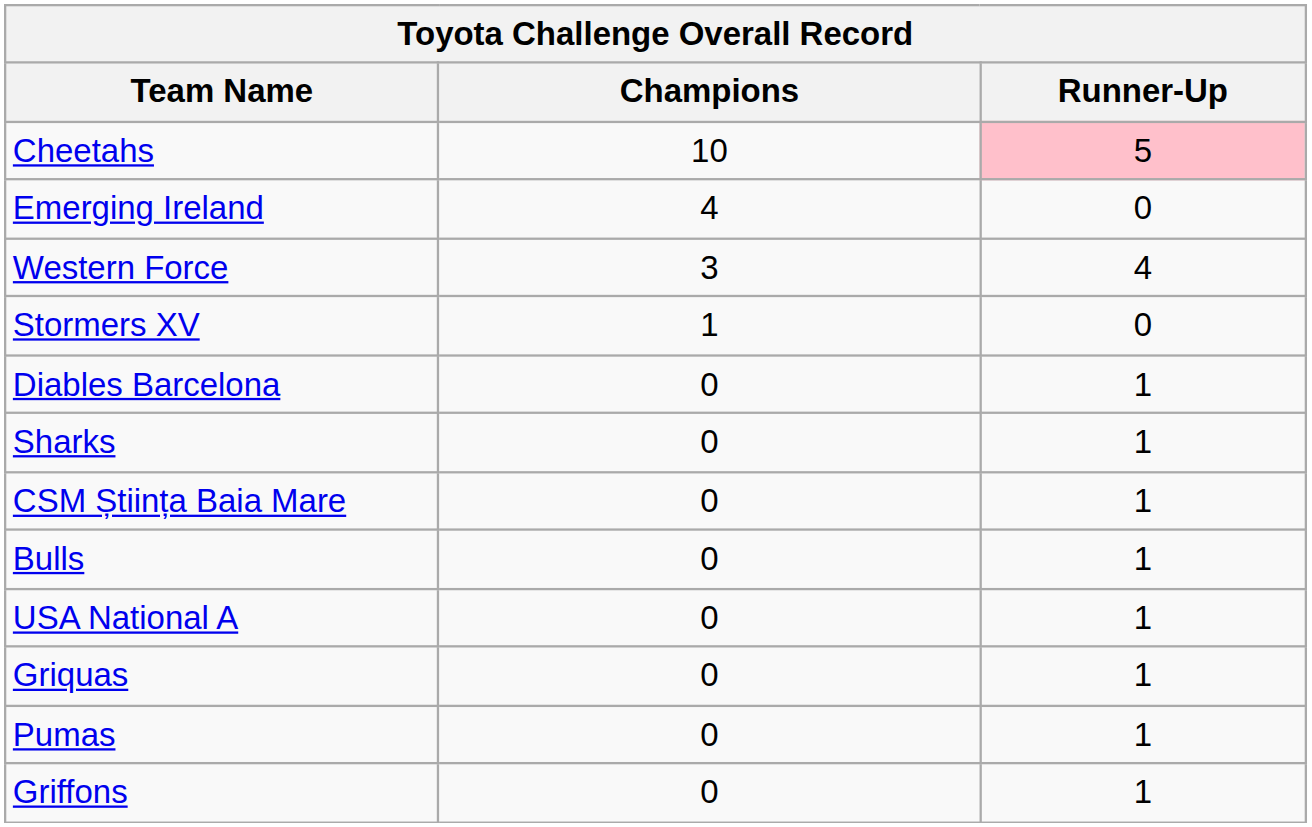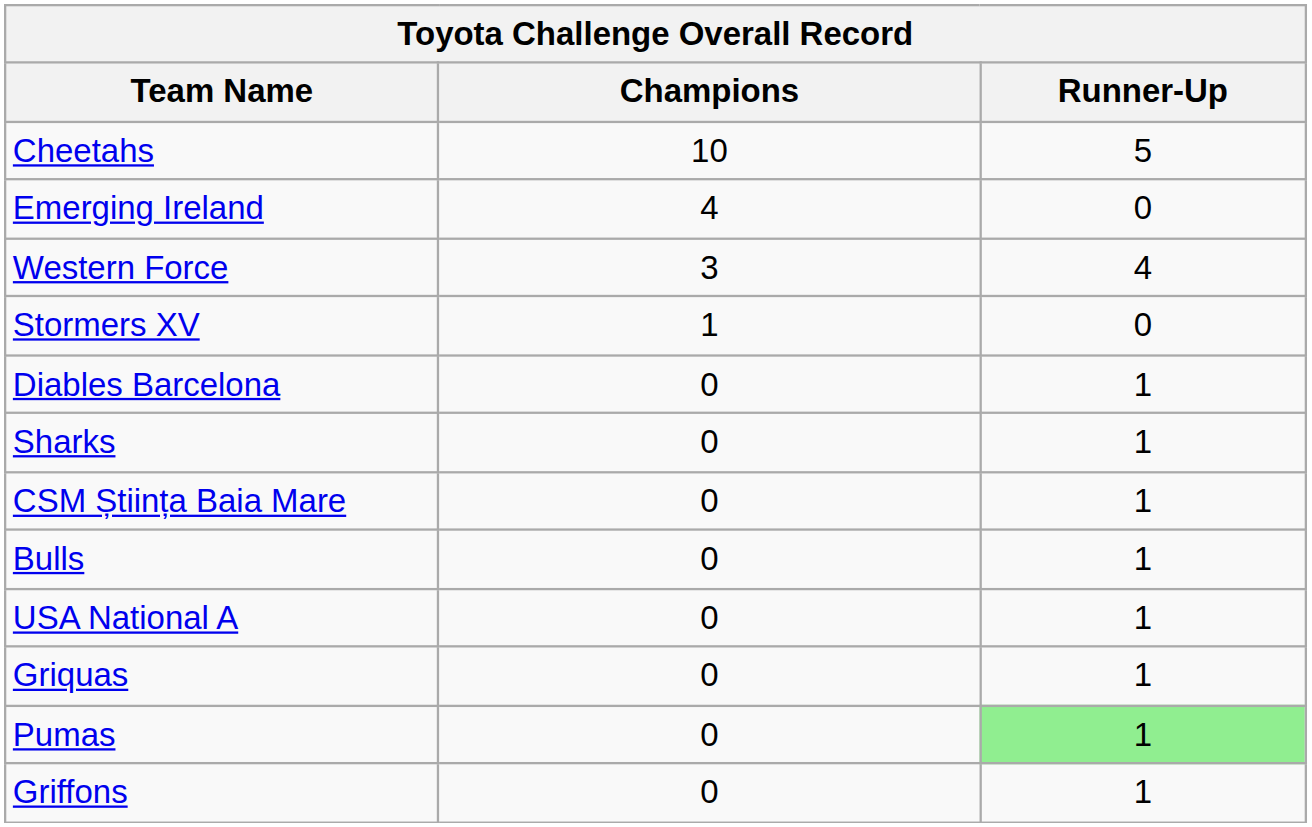 <table class="wikitable collapsible sortable" style="text-align:center; line-height:130%; font-size:90%; width:45%;">
 <tr>
 <th colspan=6>Toyota Challenge Overall Record</th>
 </tr>
 <tr>
 <th style="width:20%;">Team Name</th>
 <th style="width:25%;">Champions</th>
 <th style="width:15%;">Runner-Up</th>
 </tr>
 <tr>
 <td align=left><a href='#'>Cheetahs</a></td>
 <td>10</td>
-<td style="background: pink;">5</td>
+<td>5</td>
 </tr>
 <tr>
 <td align=left><a href='#'>Emerging Ireland</a></td>
 <td>4</td>
 <td>0</td>
 </tr>
 <tr>
 <td align=left><a href='#'>Western Force</a></td>
 <td>3</td>
 <td>4</td>
 </tr>
 <tr>
 <td align=left><a href='#'>Stormers XV</a></td>
 <td>1</td>
 <td>0</td>
 </tr>
 <tr>
 <td align=left><a href='#'>Diables Barcelona</a></td>
 <td>0</td>
 <td>1</td>
 </tr>
 <tr>
 <td align=left><a href='#'>Sharks</a></td>
 <td>0</td>
 <td>1</td>
 </tr>
 <tr>
 <td align=left><a href='#'>CSM Știința Baia Mare</a></td>
 <td>0</td>
 <td>1</td>
 </tr>
 <tr>
 <td align=left><a href='#'>Bulls</a></td>
 <td>0</td>
 <td>1</td>
 </tr>
 <tr>
 <td align=left><a href='#'>USA National A</a></td>
 <td>0</td>
 <td>1</td>
 </tr>
 <tr>
 <td align=left><a href='#'>Griquas</a></td>
 <td>0</td>
 <td>1</td>
 </tr>
 <tr>
 <td align=left><a href='#'>Pumas</a></td>
 <td>0</td>
-<td>1</td>
+<td style="background: lightgreen;">1</td>
 </tr>
 <tr>
 <td align=left><a href='#'>Griffons</a></td>
 <td>0</td>
 <td>1</td>
 </tr>
 </table>
